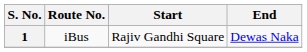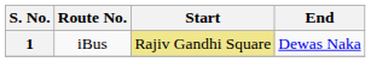 <table class="sortable plainrowheaders wikitable">
 <tr>
 <th scope="col">S. No.</th>
 <th scope="col">Route No.</th>
 <th scope="col">Start</th>
 <th scope="col">End</th>
 </tr>
 <tr>
 <th scope="row" style=text-align:center>1</th>
 <td align=center>iBus</td>
-<td align=right>Rajiv Gandhi Square</td>
+<td align=right style="background: khaki;">Rajiv Gandhi Square</td>
 <td align=center><a href='#'>Dewas Naka</a></td>
 </tr>
 <tr>
 </tr>
 </table>
